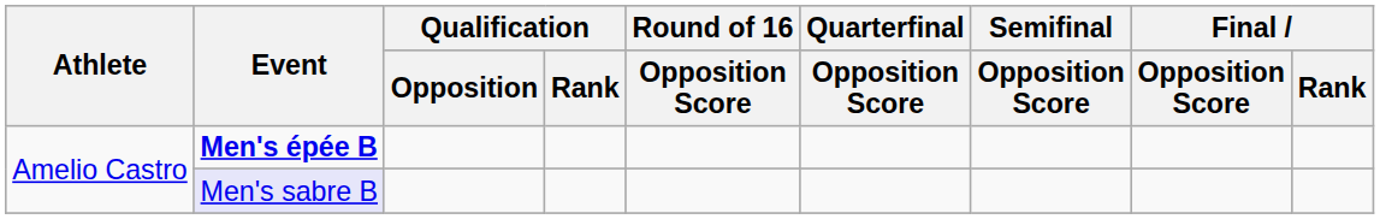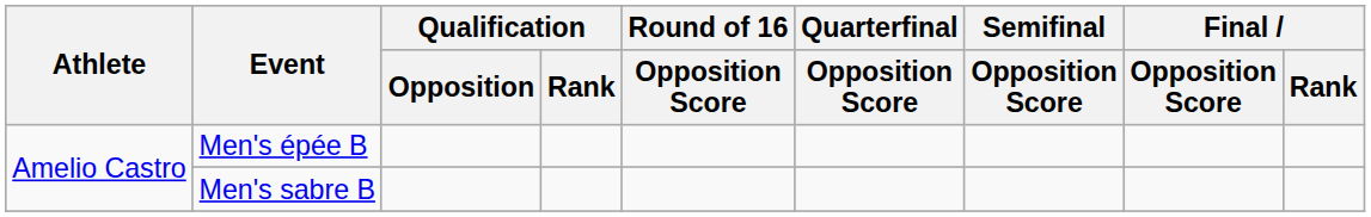 <table class="wikitable" style="font-size:90%">
 <tr>
 <th rowspan="2">Athlete</th>
 <th rowspan="2">Event</th>
 <th colspan="2">Qualification</th>
 <th>Round of 16</th>
 <th>Quarterfinal</th>
 <th>Semifinal</th>
 <th colspan="2">Final / </th>
 </tr>
 <tr>
 <th>Opposition</th>
 <th>Rank</th>
 <th>Opposition<br>Score</th>
 <th>Opposition<br>Score</th>
 <th>Opposition<br>Score</th>
 <th>Opposition<br>Score</th>
 <th>Rank</th>
 </tr>
 <tr align="center">
 <td rowspan="2" align="left"><a href='#'>Amelio Castro</a></td>
-<td align="left"><strong><a href='#'>Men's épée B</a></strong></td>
+<td align="left"><a href='#'>Men's épée B</a></td>
 <td></td>
 <td></td>
 <td></td>
 <td></td>
 <td></td>
 <td></td>
 <td></td>
 </tr>
 <tr align="center">
-<td align="left" style="background: lavender;"><a href='#'>Men's sabre B</a></td>
+<td align="left"><a href='#'>Men's sabre B</a></td>
 <td></td>
 <td></td>
 <td></td>
 <td></td>
 <td></td>
 <td></td>
 <td></td>
 </tr>
 </table>
